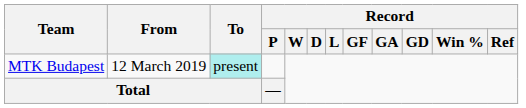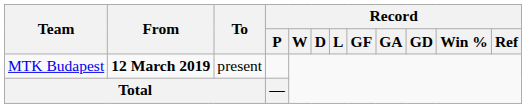 <table class="wikitable" style="text-align: center">
 <tr>
 <th rowspan="2">Team</th>
 <th rowspan="2">From</th>
 <th rowspan="2">To</th>
 <th colspan="9">Record</th>
 </tr>
 <tr>
 <th>P</th>
 <th>W</th>
 <th>D</th>
 <th>L</th>
 <th>GF</th>
 <th>GA</th>
 <th>GD</th>
 <th>Win %</th>
 <th>Ref</th>
 </tr>
 <tr>
 <td><a href='#'>MTK Budapest</a></td>
-<td>12 March 2019</td>
-<td style="background: paleturquoise;">present<br></td>
+<td><strong>12 March 2019</strong></td>
+<td>present<br></td>
 <td></td>
 </tr>
 <tr>
 <th colspan="3">Total<br></th>
 <th>—</th>
 </tr>
 </table>
